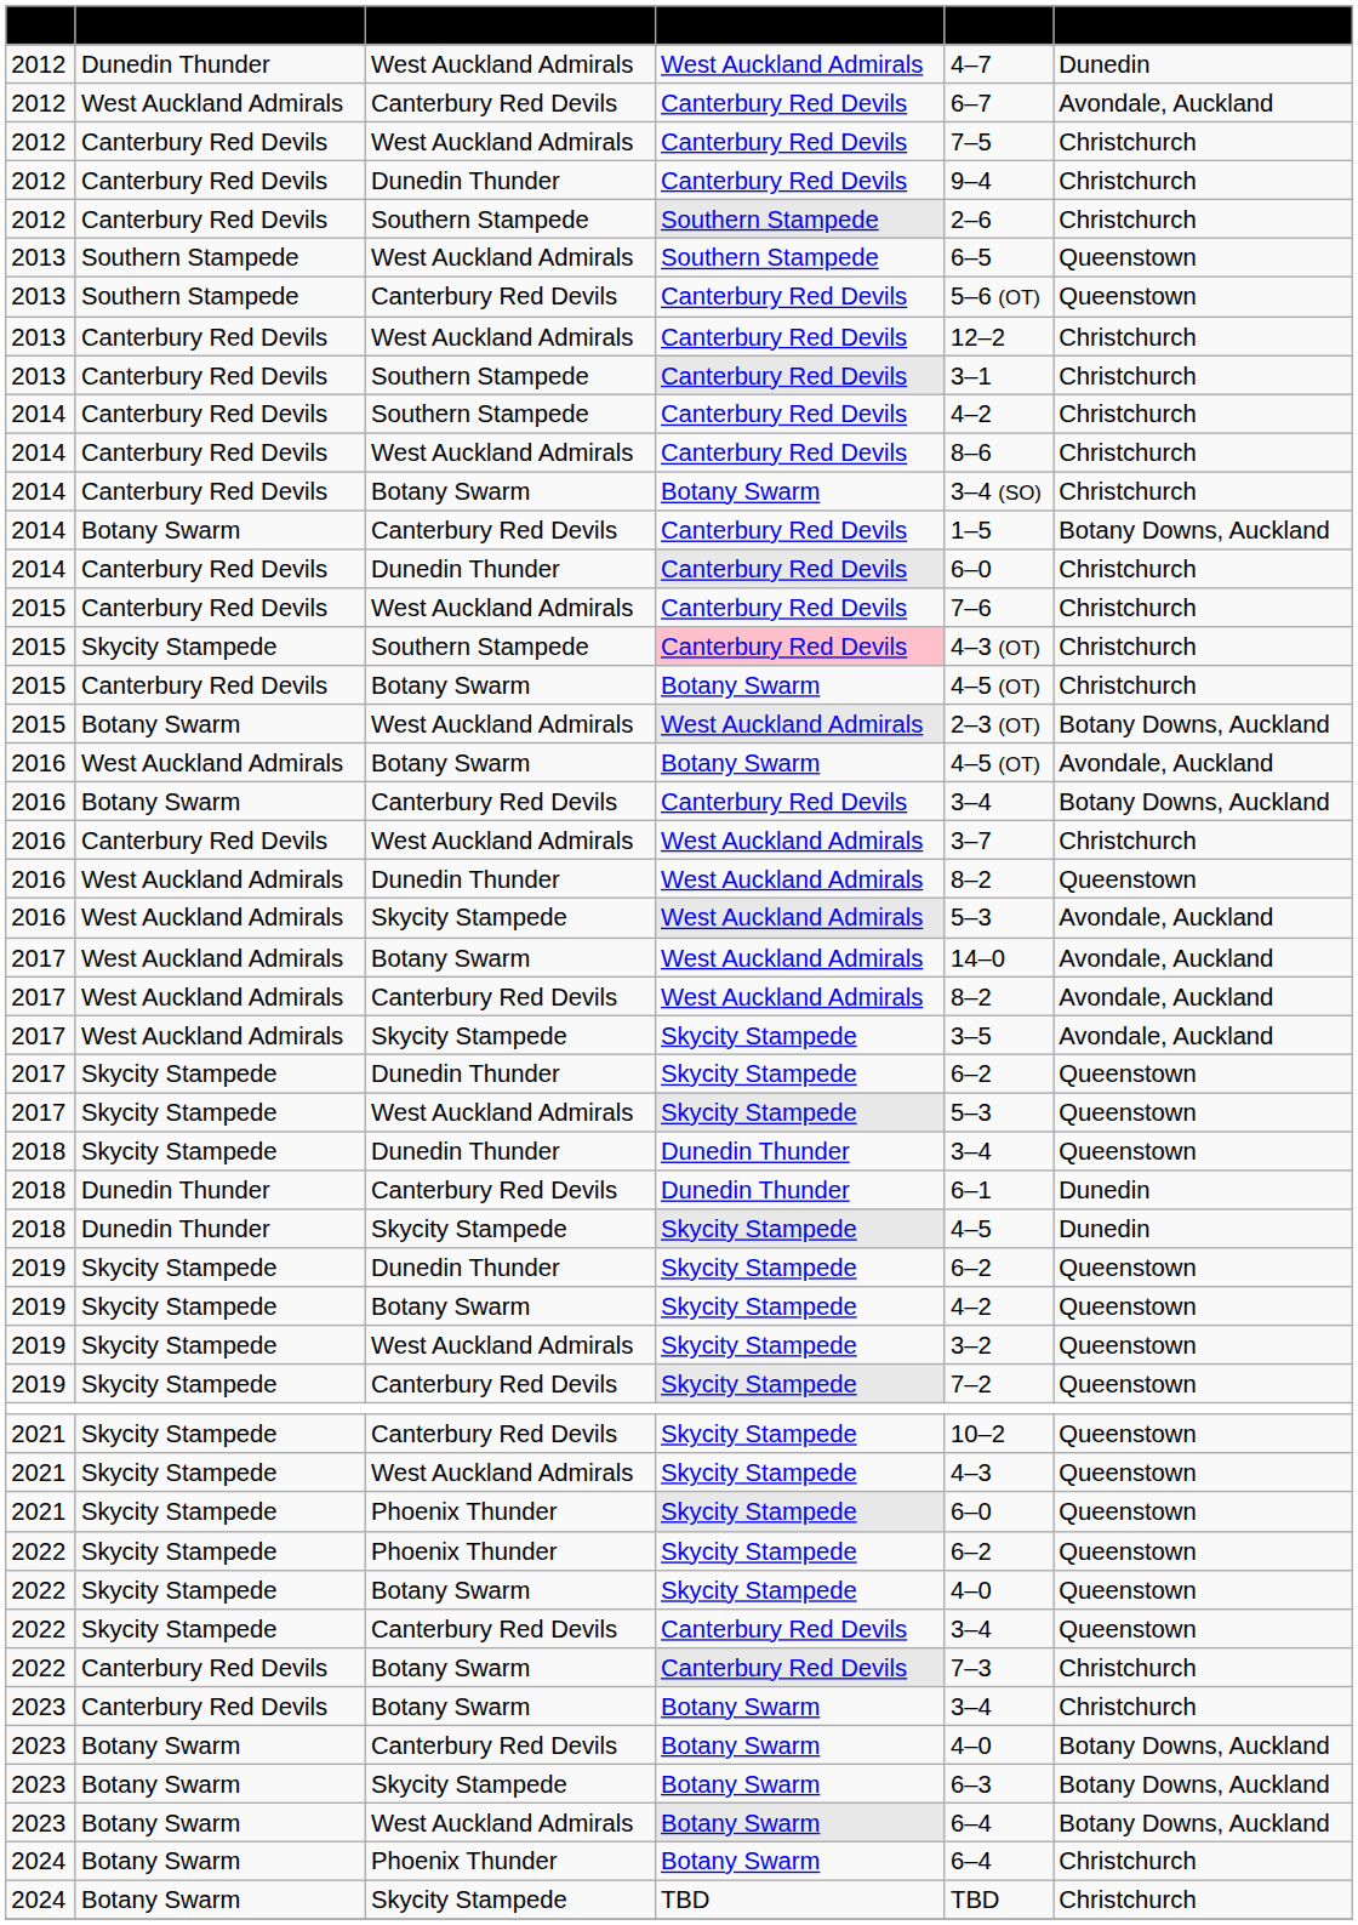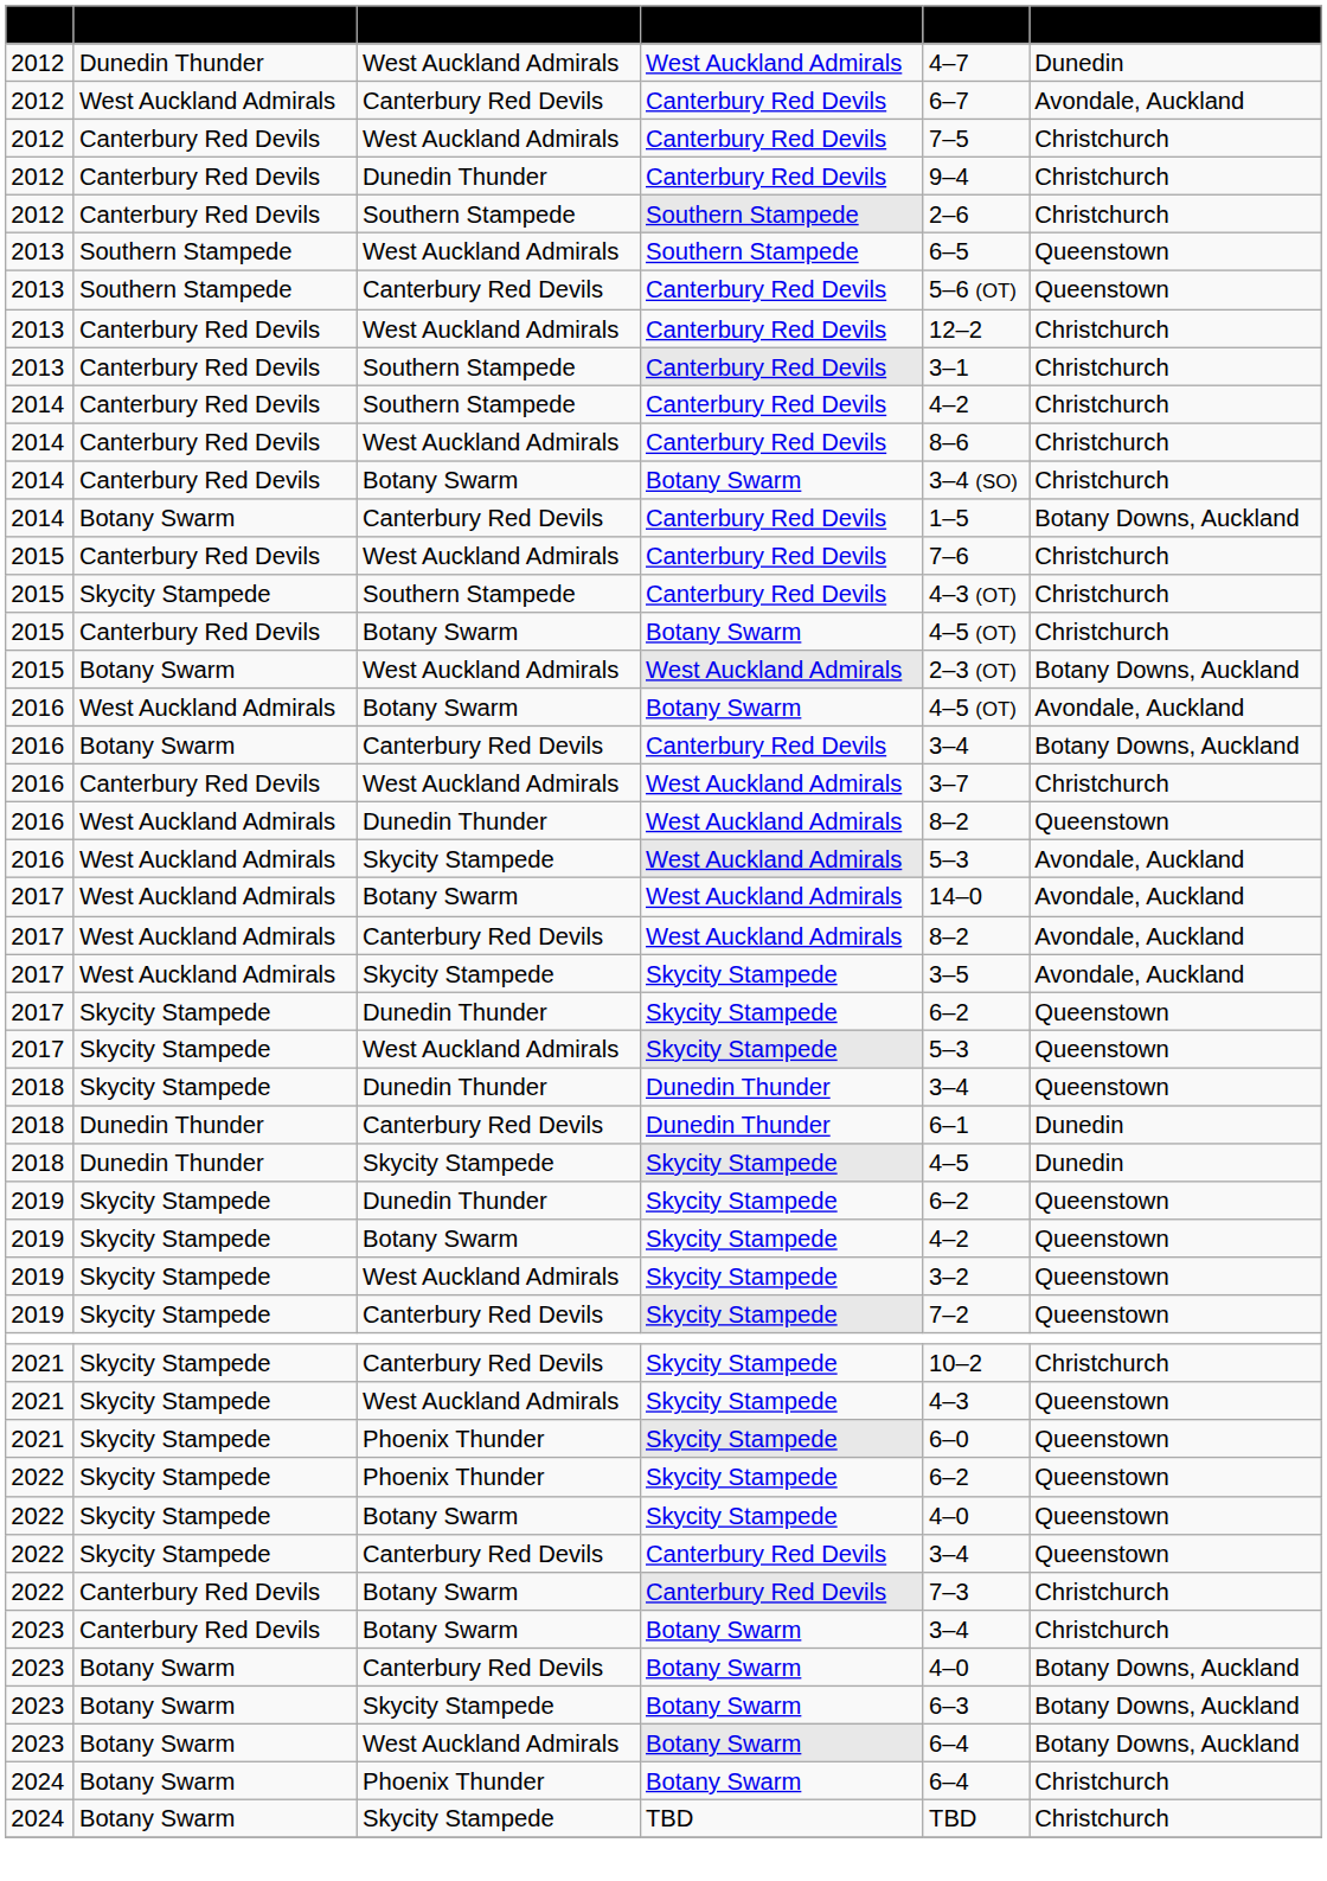 <table class="wikitable" style="font-size:95%; width:55em">
 <tr>
 <th style="background:#000000"><span>Year</span></th>
 <th style="background:#000000"><span>Holder</span></th>
 <th style="background:#000000"><span>Challenger</span></th>
 <th style="background:#000000"><span>Winner</span></th>
 <th style="background:#000000"><span>Score</span></th>
 <th style="background:#000000"><span>Venue</span></th>
 </tr>
 <tr>
 <td>2012</td>
 <td>Dunedin Thunder</td>
 <td>West Auckland Admirals</td>
 <td><a href='#'>West Auckland Admirals</a></td>
 <td>4–7</td>
 <td>Dunedin</td>
 </tr>
 <tr>
 <td>2012</td>
 <td>West Auckland Admirals</td>
 <td>Canterbury Red Devils</td>
 <td><a href='#'>Canterbury Red Devils</a></td>
 <td>6–7</td>
 <td>Avondale, Auckland</td>
 </tr>
 <tr>
 <td>2012</td>
 <td>Canterbury Red Devils</td>
 <td>West Auckland Admirals</td>
 <td><a href='#'>Canterbury Red Devils</a></td>
 <td>7–5</td>
 <td>Christchurch</td>
 </tr>
 <tr>
 <td>2012</td>
 <td>Canterbury Red Devils</td>
 <td>Dunedin Thunder</td>
 <td><a href='#'>Canterbury Red Devils</a></td>
 <td>9–4</td>
 <td>Christchurch</td>
 </tr>
 <tr>
 <td>2012</td>
 <td>Canterbury Red Devils</td>
 <td>Southern Stampede</td>
 <td bgcolor="#e8e8e8"><a href='#'>Southern Stampede</a></td>
 <td>2–6</td>
 <td>Christchurch</td>
 </tr>
 <tr>
 <td>2013</td>
 <td>Southern Stampede</td>
 <td>West Auckland Admirals</td>
 <td><a href='#'>Southern Stampede</a></td>
 <td>6–5</td>
 <td>Queenstown</td>
 </tr>
 <tr>
 <td>2013</td>
 <td>Southern Stampede</td>
 <td>Canterbury Red Devils</td>
 <td><a href='#'>Canterbury Red Devils</a></td>
 <td>5–6 <small>(OT)</small></td>
 <td>Queenstown</td>
 </tr>
 <tr>
 <td>2013</td>
 <td>Canterbury Red Devils</td>
 <td>West Auckland Admirals</td>
 <td><a href='#'>Canterbury Red Devils</a></td>
 <td>12–2</td>
 <td>Christchurch</td>
 </tr>
 <tr>
 <td>2013</td>
 <td>Canterbury Red Devils</td>
 <td>Southern Stampede</td>
 <td bgcolor="#e8e8e8"><a href='#'>Canterbury Red Devils</a></td>
 <td>3–1</td>
 <td>Christchurch</td>
 </tr>
 <tr>
 <td>2014</td>
 <td>Canterbury Red Devils</td>
 <td>Southern Stampede</td>
 <td><a href='#'>Canterbury Red Devils</a></td>
 <td>4–2</td>
 <td>Christchurch</td>
 </tr>
 <tr>
 <td>2014</td>
 <td>Canterbury Red Devils</td>
 <td>West Auckland Admirals</td>
 <td><a href='#'>Canterbury Red Devils</a></td>
 <td>8–6</td>
 <td>Christchurch</td>
 </tr>
 <tr>
 <td>2014</td>
 <td>Canterbury Red Devils</td>
 <td>Botany Swarm</td>
 <td><a href='#'>Botany Swarm</a></td>
 <td>3–4 <small>(SO)</small></td>
 <td>Christchurch</td>
 </tr>
 <tr>
 <td>2014</td>
 <td>Botany Swarm</td>
 <td>Canterbury Red Devils</td>
 <td><a href='#'>Canterbury Red Devils</a></td>
 <td>1–5</td>
 <td>Botany Downs, Auckland</td>
 </tr>
 <tr>
-<td>2014</td>
-<td>Canterbury Red Devils</td>
-<td>Dunedin Thunder</td>
-<td bgcolor="#e8e8e8"><a href='#'>Canterbury Red Devils</a></td>
-<td>6–0</td>
-<td>Christchurch</td>
-</tr>
-<tr>
 <td>2015</td>
 <td>Canterbury Red Devils</td>
 <td>West Auckland Admirals</td>
 <td><a href='#'>Canterbury Red Devils</a></td>
 <td>7–6</td>
 <td>Christchurch</td>
 </tr>
 <tr>
 <td>2015</td>
 <td>Skycity Stampede</td>
 <td>Southern Stampede</td>
-<td style="background: pink;"><a href='#'>Canterbury Red Devils</a></td>
+<td><a href='#'>Canterbury Red Devils</a></td>
 <td>4–3 <small>(OT)</small></td>
 <td>Christchurch</td>
 </tr>
 <tr>
 <td>2015</td>
 <td>Canterbury Red Devils</td>
 <td>Botany Swarm</td>
 <td><a href='#'>Botany Swarm</a></td>
 <td>4–5 <small>(OT)</small></td>
 <td>Christchurch</td>
 </tr>
 <tr>
 <td>2015</td>
 <td>Botany Swarm</td>
 <td>West Auckland Admirals</td>
 <td bgcolor="#e8e8e8"><a href='#'>West Auckland Admirals</a></td>
 <td>2–3 <small>(OT)</small></td>
 <td>Botany Downs, Auckland</td>
 </tr>
 <tr>
 <td>2016</td>
 <td>West Auckland Admirals</td>
 <td>Botany Swarm</td>
 <td><a href='#'>Botany Swarm</a></td>
 <td>4–5 <small>(OT)</small></td>
 <td>Avondale, Auckland</td>
 </tr>
 <tr>
 <td>2016</td>
 <td>Botany Swarm</td>
 <td>Canterbury Red Devils</td>
 <td><a href='#'>Canterbury Red Devils</a></td>
 <td>3–4</td>
 <td>Botany Downs, Auckland</td>
 </tr>
 <tr>
 <td>2016</td>
 <td>Canterbury Red Devils</td>
 <td>West Auckland Admirals</td>
 <td><a href='#'>West Auckland Admirals</a></td>
 <td>3–7</td>
 <td>Christchurch</td>
 </tr>
 <tr>
 <td>2016</td>
 <td>West Auckland Admirals</td>
 <td>Dunedin Thunder</td>
 <td><a href='#'>West Auckland Admirals</a></td>
 <td>8–2</td>
 <td>Queenstown</td>
 </tr>
 <tr>
 <td>2016</td>
 <td>West Auckland Admirals</td>
 <td>Skycity Stampede</td>
 <td bgcolor="#e8e8e8"><a href='#'>West Auckland Admirals</a></td>
 <td>5–3</td>
 <td>Avondale, Auckland</td>
 </tr>
 <tr>
 <td>2017</td>
 <td>West Auckland Admirals</td>
 <td>Botany Swarm</td>
 <td><a href='#'>West Auckland Admirals</a></td>
 <td>14–0</td>
 <td>Avondale, Auckland</td>
 </tr>
 <tr>
 <td>2017</td>
 <td>West Auckland Admirals</td>
 <td>Canterbury Red Devils</td>
 <td><a href='#'>West Auckland Admirals</a></td>
 <td>8–2</td>
 <td>Avondale, Auckland</td>
 </tr>
 <tr>
 <td>2017</td>
 <td>West Auckland Admirals</td>
 <td>Skycity Stampede</td>
 <td><a href='#'>Skycity Stampede</a></td>
 <td>3–5</td>
 <td>Avondale, Auckland</td>
 </tr>
 <tr>
 <td>2017</td>
 <td>Skycity Stampede</td>
 <td>Dunedin Thunder</td>
 <td><a href='#'>Skycity Stampede</a></td>
 <td>6–2</td>
 <td>Queenstown</td>
 </tr>
 <tr>
 <td>2017</td>
 <td>Skycity Stampede</td>
 <td>West Auckland Admirals</td>
 <td bgcolor="#e8e8e8"><a href='#'>Skycity Stampede</a></td>
 <td>5–3</td>
 <td>Queenstown</td>
 </tr>
 <tr>
 <td>2018</td>
 <td>Skycity Stampede</td>
 <td>Dunedin Thunder</td>
 <td><a href='#'>Dunedin Thunder</a></td>
 <td>3–4</td>
 <td>Queenstown</td>
 </tr>
 <tr>
 <td>2018</td>
 <td>Dunedin Thunder</td>
 <td>Canterbury Red Devils</td>
 <td><a href='#'>Dunedin Thunder</a></td>
 <td>6–1</td>
 <td>Dunedin</td>
 </tr>
 <tr>
 <td>2018</td>
 <td>Dunedin Thunder</td>
 <td>Skycity Stampede</td>
 <td bgcolor="#e8e8e8"><a href='#'>Skycity Stampede</a></td>
 <td>4–5</td>
 <td>Dunedin</td>
 </tr>
 <tr>
 <td>2019</td>
 <td>Skycity Stampede</td>
 <td>Dunedin Thunder</td>
 <td><a href='#'>Skycity Stampede</a></td>
 <td>6–2</td>
 <td>Queenstown</td>
 </tr>
 <tr>
 <td>2019</td>
 <td>Skycity Stampede</td>
 <td>Botany Swarm</td>
 <td><a href='#'>Skycity Stampede</a></td>
 <td>4–2</td>
 <td>Queenstown</td>
 </tr>
 <tr>
 <td>2019</td>
 <td>Skycity Stampede</td>
 <td>West Auckland Admirals</td>
 <td><a href='#'>Skycity Stampede</a></td>
 <td>3–2</td>
 <td>Queenstown</td>
 </tr>
 <tr>
 <td>2019</td>
 <td>Skycity Stampede</td>
 <td>Canterbury Red Devils</td>
 <td bgcolor="#e8e8e8"><a href='#'>Skycity Stampede</a></td>
 <td>7–2</td>
 <td>Queenstown</td>
 </tr>
 <tr>
 <td colspan="6" bgcolor="#FFFFFF"></td>
 </tr>
 <tr>
 <td>2021</td>
 <td>Skycity Stampede</td>
 <td>Canterbury Red Devils</td>
 <td><a href='#'>Skycity Stampede</a></td>
 <td>10–2</td>
-<td>Queenstown</td>
+<td>Christchurch</td>
 </tr>
 <tr>
 <td>2021</td>
 <td>Skycity Stampede</td>
 <td>West Auckland Admirals</td>
 <td><a href='#'>Skycity Stampede</a></td>
 <td>4–3</td>
 <td>Queenstown</td>
 </tr>
 <tr>
 <td>2021</td>
 <td>Skycity Stampede</td>
 <td>Phoenix Thunder</td>
 <td bgcolor="#e8e8e8"><a href='#'>Skycity Stampede</a></td>
 <td>6–0</td>
 <td>Queenstown</td>
 </tr>
 <tr>
 <td>2022</td>
 <td>Skycity Stampede</td>
 <td>Phoenix Thunder</td>
 <td><a href='#'>Skycity Stampede</a></td>
 <td>6–2</td>
 <td>Queenstown</td>
 </tr>
 <tr>
 <td>2022</td>
 <td>Skycity Stampede</td>
 <td>Botany Swarm</td>
 <td><a href='#'>Skycity Stampede</a></td>
 <td>4–0</td>
 <td>Queenstown</td>
 </tr>
 <tr>
 <td>2022</td>
 <td>Skycity Stampede</td>
 <td>Canterbury Red Devils</td>
 <td><a href='#'>Canterbury Red Devils</a></td>
 <td>3–4</td>
 <td>Queenstown</td>
 </tr>
 <tr>
 <td>2022</td>
 <td>Canterbury Red Devils</td>
 <td>Botany Swarm</td>
 <td bgcolor="#e8e8e8"><a href='#'>Canterbury Red Devils</a></td>
 <td>7–3</td>
 <td>Christchurch</td>
 </tr>
 <tr>
 <td>2023</td>
 <td>Canterbury Red Devils</td>
 <td>Botany Swarm</td>
 <td><a href='#'>Botany Swarm</a></td>
 <td>3–4</td>
 <td>Christchurch</td>
 </tr>
 <tr>
 <td>2023</td>
 <td>Botany Swarm</td>
 <td>Canterbury Red Devils</td>
 <td><a href='#'>Botany Swarm</a></td>
 <td>4–0</td>
 <td>Botany Downs, Auckland</td>
 </tr>
 <tr>
 <td>2023</td>
 <td>Botany Swarm</td>
 <td>Skycity Stampede</td>
 <td><a href='#'>Botany Swarm</a></td>
 <td>6–3</td>
 <td>Botany Downs, Auckland</td>
 </tr>
 <tr>
 <td>2023</td>
 <td>Botany Swarm</td>
 <td>West Auckland Admirals</td>
 <td bgcolor="#e8e8e8"><a href='#'>Botany Swarm</a></td>
 <td>6–4</td>
 <td>Botany Downs, Auckland</td>
 </tr>
 <tr>
 <td>2024</td>
 <td>Botany Swarm</td>
 <td>Phoenix Thunder</td>
 <td><a href='#'>Botany Swarm</a></td>
 <td>6–4</td>
 <td>Christchurch</td>
 </tr>
 <tr>
 <td>2024</td>
 <td>Botany Swarm</td>
 <td>Skycity Stampede</td>
 <td>TBD</td>
 <td>TBD</td>
 <td>Christchurch</td>
 </tr>
 <tr>
 </tr>
 </table>
